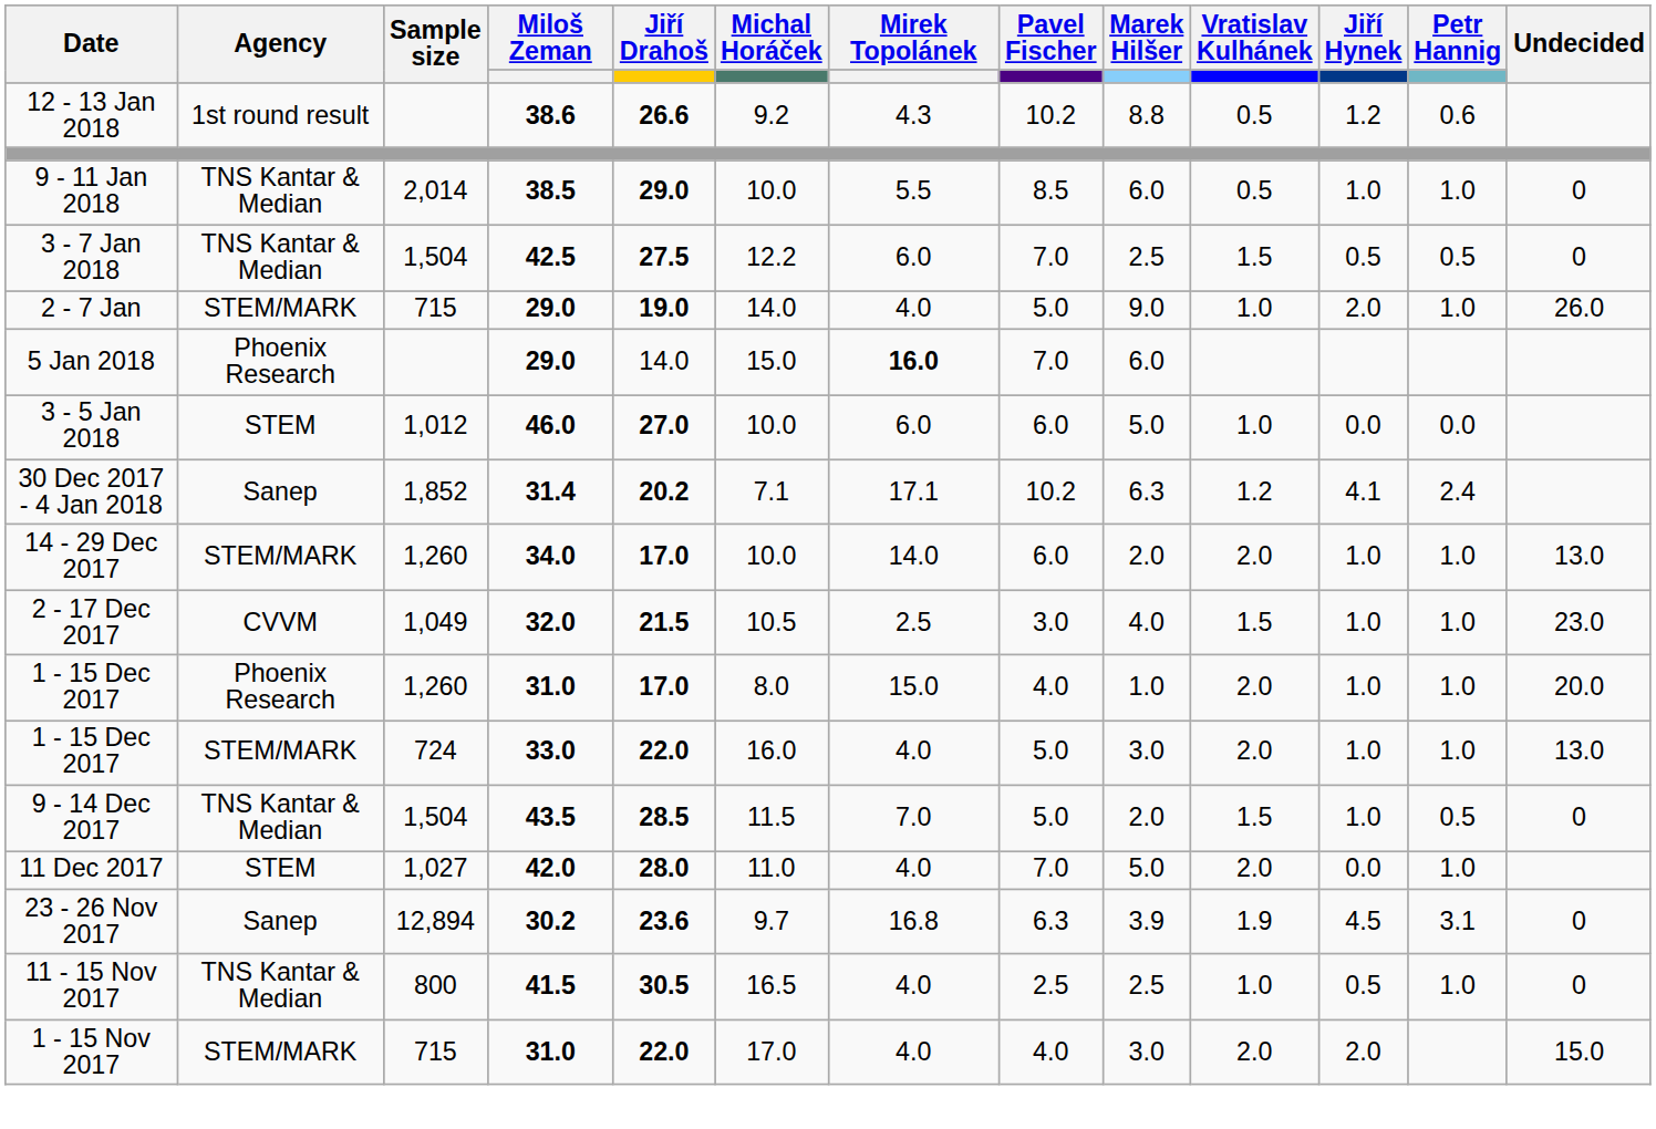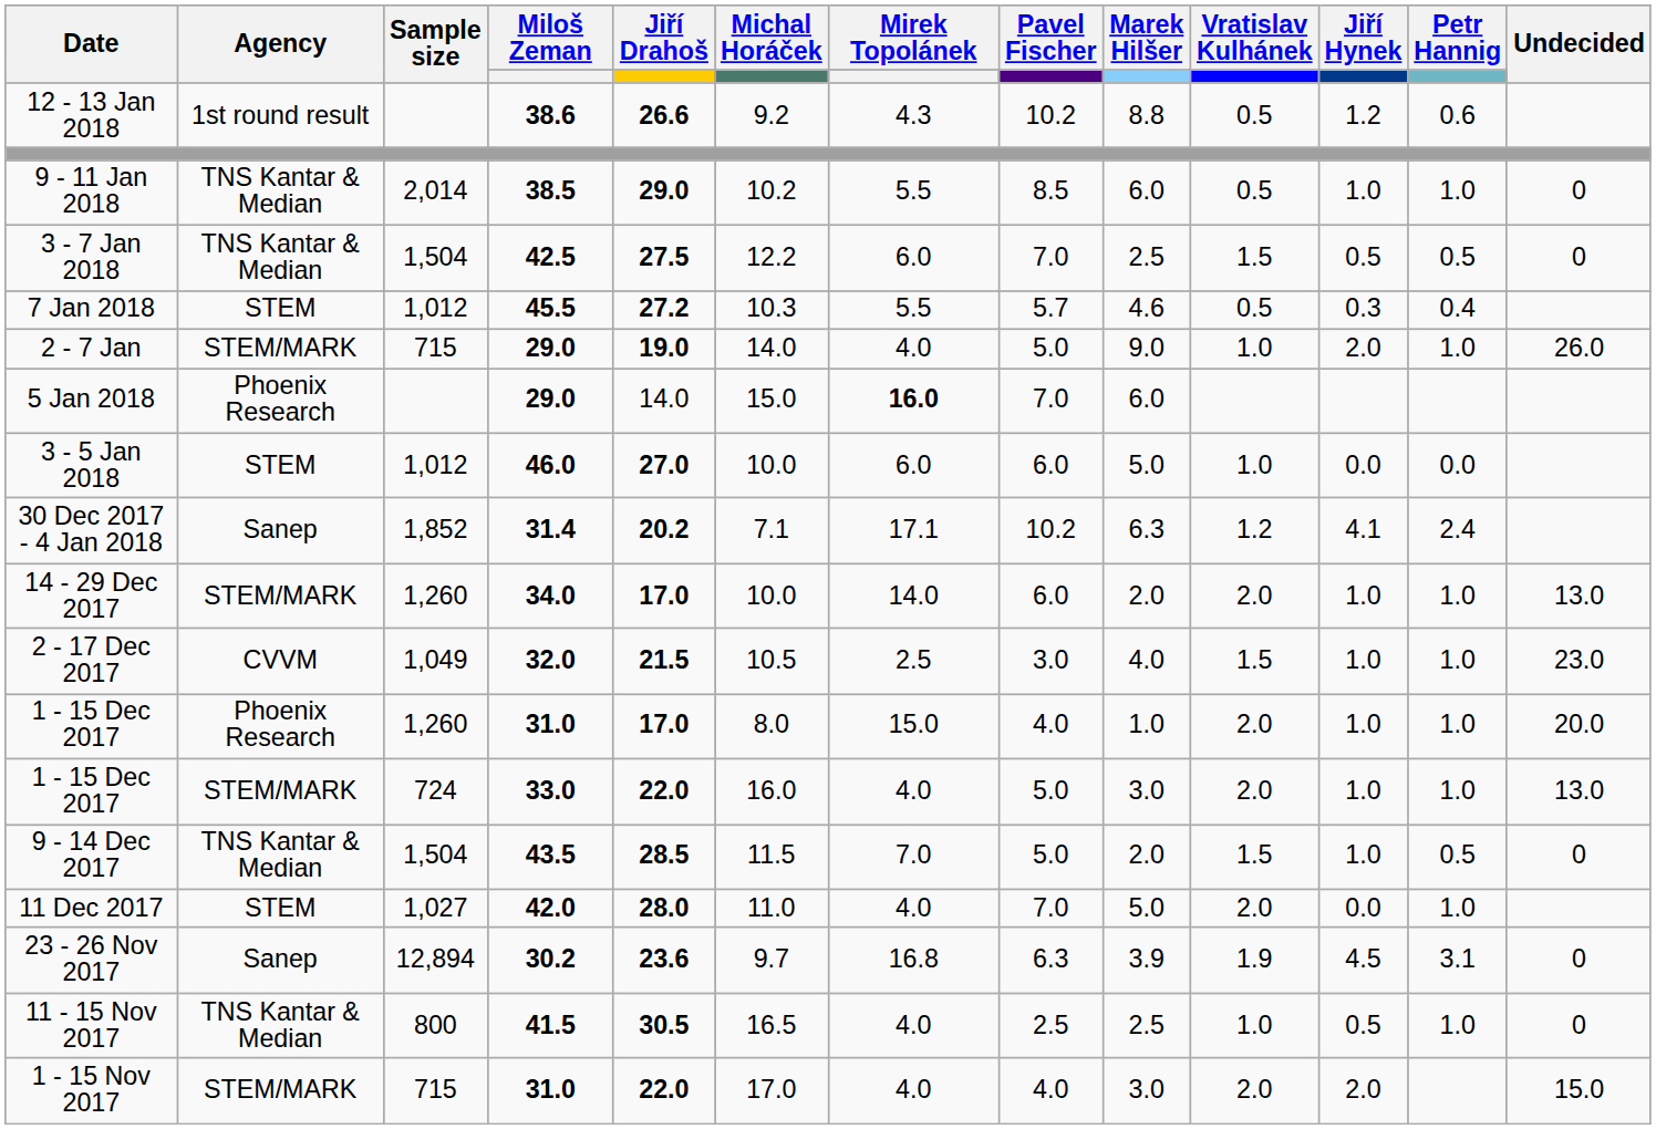 <table class="wikitable" style=text-align:center;font-size:85%;line-height:14px;">
 <tr>
 <th rowspan="2">Date</th>
 <th rowspan="2">Agency</th>
 <th rowspan="2">Sample<br>size</th>
 <th><a href='#'>Miloš Zeman</a></th>
 <th><a href='#'>Jiří Drahoš</a></th>
 <th><a href='#'>Michal Horáček</a></th>
 <th><a href='#'>Mirek Topolánek</a></th>
 <th><a href='#'>Pavel Fischer</a></th>
 <th><a href='#'>Marek Hilšer</a></th>
 <th><a href='#'>Vratislav Kulhánek</a></th>
 <th><a href='#'>Jiří Hynek</a></th>
 <th><a href='#'>Petr Hannig</a></th>
 <th rowspan="2">Undecided</th>
 </tr>
 <tr>
 <th style="background:"></th>
 <th style="background:#FFCB03; width:40px;"></th>
 <th style="background:#49796B; width:40px;"></th>
 <th style="background:"></th>
 <th style="background:#4b0082; width:40px;"></th>
 <th style="background:#87CEFA; width:40px;"></th>
 <th style="background:#0000FF; width:40px;"></th>
 <th style="background:#013888; width:40px;"></th>
 <th style="background:#6FB7C5; width:40px;"></th>
 </tr>
 <tr>
 <td>12 - 13 Jan 2018</td>
 <td>1st round result</td>
 <td></td>
 <td><strong>38.6</strong></td>
 <td><strong>26.6</strong></td>
 <td>9.2</td>
 <td>4.3</td>
 <td>10.2</td>
 <td>8.8</td>
 <td>0.5</td>
 <td>1.2</td>
 <td>0.6</td>
 <td></td>
 </tr>
 <tr>
 <td colspan="13" style="background:#A0A0A0"></td>
 </tr>
 <tr>
 <td>9 - 11 Jan 2018</td>
 <td>TNS Kantar & Median</td>
 <td>2,014</td>
 <td><strong>38.5</strong></td>
 <td><strong>29.0</strong></td>
-<td>10.0</td>
+<td>10.2</td>
 <td>5.5</td>
 <td>8.5</td>
 <td>6.0</td>
 <td>0.5</td>
 <td>1.0</td>
 <td>1.0</td>
 <td>0</td>
 </tr>
 <tr>
 <td>3 - 7 Jan 2018</td>
 <td>TNS Kantar & Median</td>
 <td>1,504</td>
 <td><strong>42.5</strong></td>
 <td><strong>27.5</strong></td>
 <td>12.2</td>
 <td>6.0</td>
 <td>7.0</td>
 <td>2.5</td>
 <td>1.5</td>
 <td>0.5</td>
 <td>0.5</td>
 <td>0</td>
+</tr>
+<tr>
+<td>7 Jan 2018</td>
+<td>STEM</td>
+<td>1,012</td>
+<td><strong>45.5</strong></td>
+<td><strong>27.2</strong></td>
+<td>10.3</td>
+<td>5.5</td>
+<td>5.7</td>
+<td>4.6</td>
+<td>0.5</td>
+<td>0.3</td>
+<td>0.4</td>
+<td></td>
 </tr>
 <tr>
 <td>2 - 7 Jan</td>
 <td>STEM/MARK</td>
 <td>715</td>
 <td><strong>29.0</strong></td>
 <td><strong>19.0</strong></td>
 <td>14.0</td>
 <td>4.0</td>
 <td>5.0</td>
 <td>9.0</td>
 <td>1.0</td>
 <td>2.0</td>
 <td>1.0</td>
 <td>26.0</td>
 </tr>
 <tr>
 <td>5 Jan 2018</td>
 <td>Phoenix Research</td>
 <td></td>
 <td><strong>29.0</strong></td>
 <td>14.0</td>
 <td>15.0</td>
 <td><strong>16.0</strong></td>
 <td>7.0</td>
 <td>6.0</td>
 <td></td>
 <td></td>
 <td></td>
 <td></td>
 </tr>
 <tr>
 <td>3 - 5 Jan 2018</td>
 <td>STEM</td>
 <td>1,012</td>
 <td><strong>46.0</strong></td>
 <td><strong>27.0</strong></td>
 <td>10.0</td>
 <td>6.0</td>
 <td>6.0</td>
 <td>5.0</td>
 <td>1.0</td>
 <td>0.0</td>
 <td>0.0</td>
 <td></td>
 </tr>
 <tr>
 <td>30 Dec 2017 - 4 Jan 2018</td>
 <td>Sanep</td>
 <td>1,852</td>
 <td><strong>31.4</strong></td>
 <td><strong>20.2</strong></td>
 <td>7.1</td>
 <td>17.1</td>
 <td>10.2</td>
 <td>6.3</td>
 <td>1.2</td>
 <td>4.1</td>
 <td>2.4</td>
 <td></td>
 </tr>
 <tr>
 <td>14 - 29 Dec 2017</td>
 <td>STEM/MARK</td>
 <td>1,260</td>
 <td><strong>34.0</strong></td>
 <td><strong>17.0</strong></td>
 <td>10.0</td>
 <td>14.0</td>
 <td>6.0</td>
 <td>2.0</td>
 <td>2.0</td>
 <td>1.0</td>
 <td>1.0</td>
 <td>13.0</td>
 </tr>
 <tr>
 <td>2 - 17 Dec 2017</td>
 <td>CVVM</td>
 <td>1,049</td>
 <td><strong>32.0</strong></td>
 <td><strong>21.5</strong></td>
 <td>10.5</td>
 <td>2.5</td>
 <td>3.0</td>
 <td>4.0</td>
 <td>1.5</td>
 <td>1.0</td>
 <td>1.0</td>
 <td>23.0</td>
 </tr>
 <tr>
 <td>1 - 15 Dec 2017</td>
 <td>Phoenix Research</td>
 <td>1,260</td>
 <td><strong>31.0</strong></td>
 <td><strong>17.0</strong></td>
 <td>8.0</td>
 <td>15.0</td>
 <td>4.0</td>
 <td>1.0</td>
 <td>2.0</td>
 <td>1.0</td>
 <td>1.0</td>
 <td>20.0</td>
 </tr>
 <tr>
 <td>1 - 15 Dec 2017</td>
 <td>STEM/MARK</td>
 <td>724</td>
 <td><strong>33.0</strong></td>
 <td><strong>22.0</strong></td>
 <td>16.0</td>
 <td>4.0</td>
 <td>5.0</td>
 <td>3.0</td>
 <td>2.0</td>
 <td>1.0</td>
 <td>1.0</td>
 <td>13.0</td>
 </tr>
 <tr>
 <td>9 - 14 Dec 2017</td>
 <td>TNS Kantar & Median</td>
 <td>1,504</td>
 <td><strong>43.5</strong></td>
 <td><strong>28.5</strong></td>
 <td>11.5</td>
 <td>7.0</td>
 <td>5.0</td>
 <td>2.0</td>
 <td>1.5</td>
 <td>1.0</td>
 <td>0.5</td>
 <td>0</td>
 </tr>
 <tr>
 <td>11 Dec 2017</td>
 <td>STEM</td>
 <td>1,027</td>
 <td><strong>42.0</strong></td>
 <td><strong>28.0</strong></td>
 <td>11.0</td>
 <td>4.0</td>
 <td>7.0</td>
 <td>5.0</td>
 <td>2.0</td>
 <td>0.0</td>
 <td>1.0</td>
 <td></td>
 </tr>
 <tr>
 <td>23 - 26 Nov 2017</td>
 <td>Sanep</td>
 <td>12,894</td>
 <td><strong>30.2</strong></td>
 <td><strong>23.6</strong></td>
 <td>9.7</td>
 <td>16.8</td>
 <td>6.3</td>
 <td>3.9</td>
 <td>1.9</td>
 <td>4.5</td>
 <td>3.1</td>
 <td>0</td>
 </tr>
 <tr>
 <td>11 - 15 Nov 2017</td>
 <td>TNS Kantar & Median </td>
 <td>800</td>
 <td><strong>41.5</strong></td>
 <td><strong>30.5</strong></td>
 <td>16.5</td>
 <td>4.0</td>
 <td>2.5</td>
 <td>2.5</td>
 <td>1.0</td>
 <td>0.5</td>
 <td>1.0</td>
 <td>0</td>
 </tr>
 <tr>
 <td>1 - 15 Nov 2017</td>
 <td>STEM/MARK</td>
 <td>715</td>
 <td><strong>31.0</strong></td>
 <td><strong>22.0</strong></td>
 <td>17.0</td>
 <td>4.0</td>
 <td>4.0</td>
 <td>3.0</td>
 <td>2.0</td>
 <td>2.0</td>
 <td></td>
 <td>15.0</td>
 </tr>
 </table>
